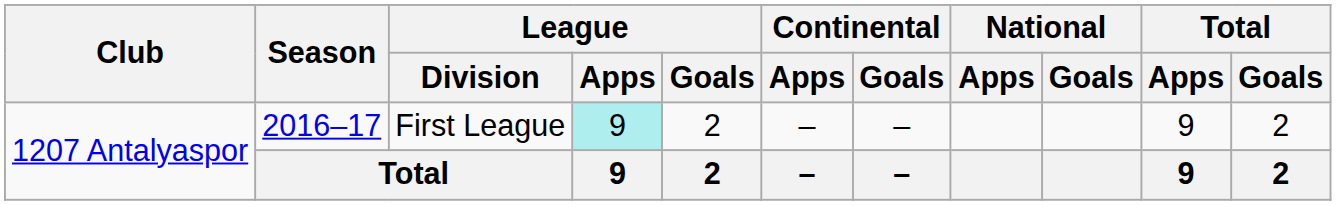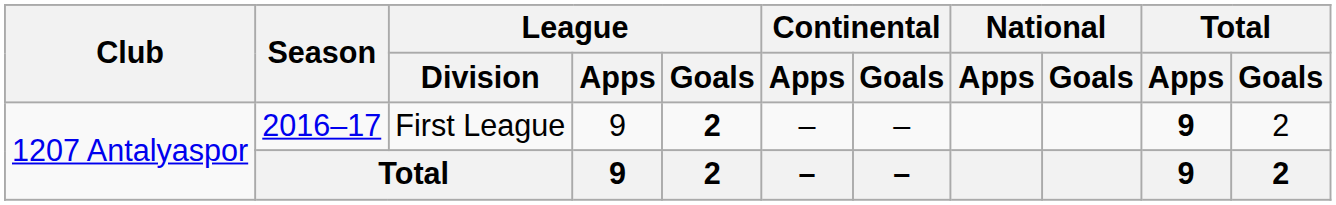 <table class="wikitable" style="text-align: center;">
 <tr>
 <th rowspan=2>Club</th>
 <th rowspan=2>Season</th>
 <th colspan=3>League</th>
 <th colspan=2>Continental</th>
 <th colspan=2>National</th>
 <th colspan=2>Total</th>
 </tr>
 <tr>
 <th>Division</th>
 <th>Apps</th>
 <th>Goals</th>
 <th>Apps</th>
 <th>Goals</th>
 <th>Apps</th>
 <th>Goals</th>
 <th>Apps</th>
 <th>Goals</th>
 </tr>
 <tr>
 <td rowspan=2><a href='#'>1207 Antalyaspor</a></td>
 <td><a href='#'>2016–17</a></td>
 <td>First League</td>
-<td style="background: paleturquoise;">9</td>
-<td>2</td>
+<td>9</td>
+<td><strong>2</strong></td>
 <td>–</td>
 <td>–</td>
 <td></td>
 <td></td>
-<td>9</td>
+<td><strong>9</strong></td>
 <td>2</td>
 </tr>
 <tr>
 <th colspan=2>Total</th>
 <th>9</th>
 <th>2</th>
 <th>–</th>
 <th>–</th>
 <th></th>
 <th></th>
 <th>9</th>
 <th>2</th>
 </tr>
 </table>
